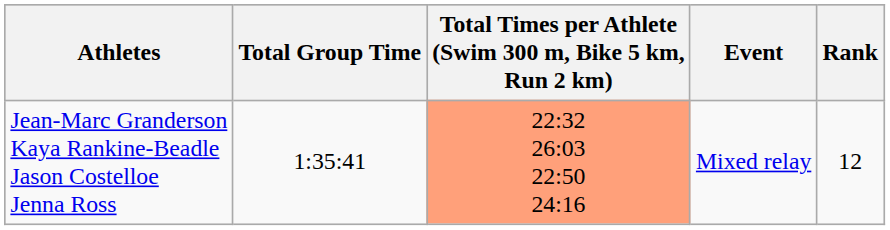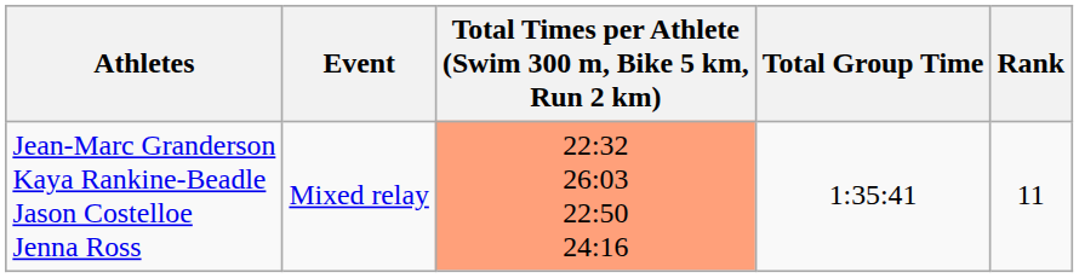 <table class="wikitable" border="1" style="font-size:90%">
 <tr>
 <th>Athletes</th>
+<th>Event</th>
+<th>Total Times per Athlete <br> (Swim 300 m, Bike 5 km, <br> Run 2 km)</th>
 <th>Total Group Time</th>
-<th>Total Times per Athlete <br> (Swim 300 m, Bike 5 km, <br> Run 2 km)</th>
-<th>Event</th>
 <th>Rank</th>
 </tr>
 <tr>
 <td><a href='#'>Jean-Marc Granderson</a><br><a href='#'>Kaya Rankine-Beadle</a><br><a href='#'>Jason Costelloe</a><br><a href='#'>Jenna Ross</a></td>
+<td align="center"><a href='#'>Mixed relay</a></td>
+<td align="center" style="background: lightsalmon;">22:32<br>26:03<br>22:50<br>24:16</td>
 <td align="center">1:35:41</td>
-<td align="center" style="background: lightsalmon;">22:32<br>26:03<br>22:50<br>24:16</td>
-<td align="center"><a href='#'>Mixed relay</a></td>
-<td align="center">12</td>
+<td align="center">11</td>
 </tr>
 </table>
